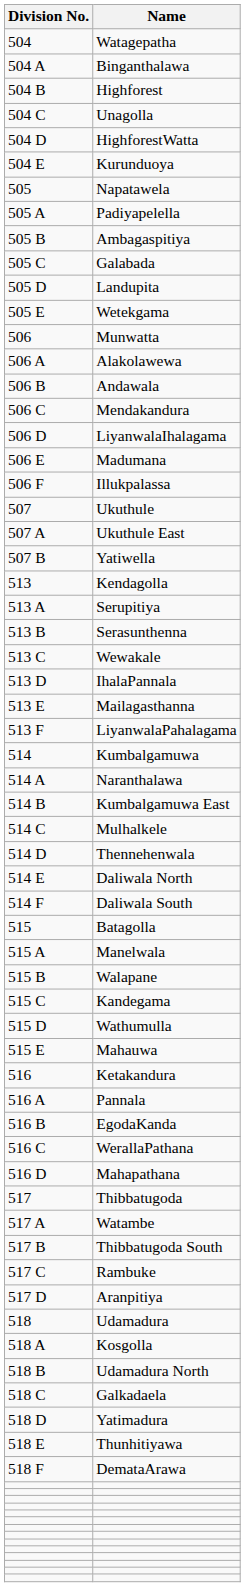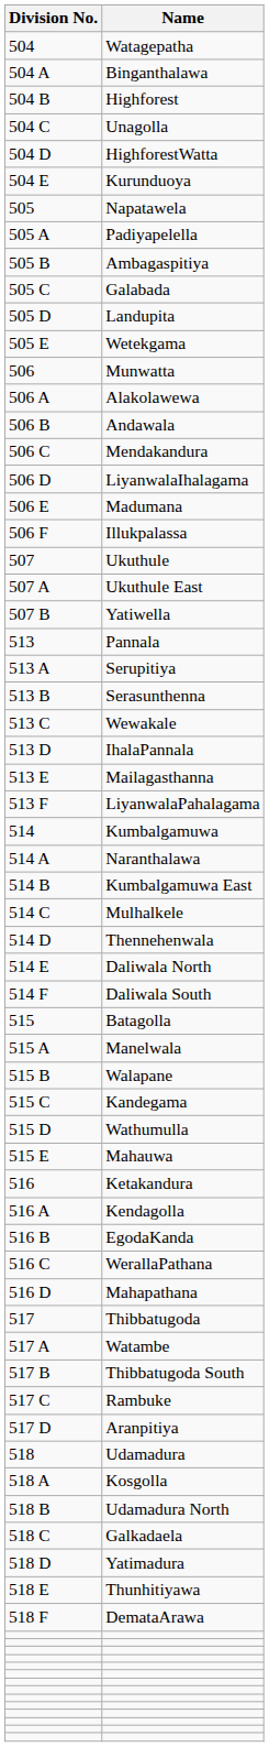 <table class="wikitable">
 <tr>
 <th>Division No.</th>
 <th>Name</th>
 </tr>
 <tr>
 <td>504</td>
 <td>Watagepatha</td>
 </tr>
 <tr>
 <td>504 A</td>
 <td>Binganthalawa</td>
 </tr>
 <tr>
 <td>504 B</td>
 <td>Highforest</td>
 </tr>
 <tr>
 <td>504 C</td>
 <td>Unagolla</td>
 </tr>
 <tr>
 <td>504 D</td>
 <td>HighforestWatta</td>
 </tr>
 <tr>
 <td>504 E</td>
 <td>Kurunduoya</td>
 </tr>
 <tr>
 <td>505</td>
 <td>Napatawela</td>
 </tr>
 <tr>
 <td>505 A</td>
 <td>Padiyapelella</td>
 </tr>
 <tr>
 <td>505 B</td>
 <td>Ambagaspitiya</td>
 </tr>
 <tr>
 <td>505 C</td>
 <td>Galabada</td>
 </tr>
 <tr>
 <td>505 D</td>
 <td>Landupita</td>
 </tr>
 <tr>
 <td>505 E</td>
 <td>Wetekgama</td>
 </tr>
 <tr>
 <td>506</td>
 <td>Munwatta</td>
 </tr>
 <tr>
 <td>506 A</td>
 <td>Alakolawewa</td>
 </tr>
 <tr>
 <td>506 B</td>
 <td>Andawala</td>
 </tr>
 <tr>
 <td>506 C</td>
 <td>Mendakandura</td>
 </tr>
 <tr>
 <td>506 D</td>
 <td>LiyanwalaIhalagama</td>
 </tr>
 <tr>
 <td>506 E</td>
 <td>Madumana</td>
 </tr>
 <tr>
 <td>506 F</td>
 <td>Illukpalassa</td>
 </tr>
 <tr>
 <td>507</td>
 <td>Ukuthule</td>
 </tr>
 <tr>
 <td>507 A</td>
 <td>Ukuthule East</td>
 </tr>
 <tr>
 <td>507 B</td>
 <td>Yatiwella</td>
 </tr>
 <tr>
 <td>513</td>
-<td>Kendagolla</td>
+<td>Pannala</td>
 </tr>
 <tr>
 <td>513 A</td>
 <td>Serupitiya</td>
 </tr>
 <tr>
 <td>513 B</td>
 <td>Serasunthenna</td>
 </tr>
 <tr>
 <td>513 C</td>
 <td>Wewakale</td>
 </tr>
 <tr>
 <td>513 D</td>
 <td>IhalaPannala</td>
 </tr>
 <tr>
 <td>513 E</td>
 <td>Mailagasthanna</td>
 </tr>
 <tr>
 <td>513 F</td>
 <td>LiyanwalaPahalagama</td>
 </tr>
 <tr>
 <td>514</td>
 <td>Kumbalgamuwa</td>
 </tr>
 <tr>
 <td>514 A</td>
 <td>Naranthalawa</td>
 </tr>
 <tr>
 <td>514 B</td>
 <td>Kumbalgamuwa East</td>
 </tr>
 <tr>
 <td>514 C</td>
 <td>Mulhalkele</td>
 </tr>
 <tr>
 <td>514 D</td>
 <td>Thennehenwala</td>
 </tr>
 <tr>
 <td>514 E</td>
 <td>Daliwala North</td>
 </tr>
 <tr>
 <td>514 F</td>
 <td>Daliwala South</td>
 </tr>
 <tr>
 <td>515</td>
 <td>Batagolla</td>
 </tr>
 <tr>
 <td>515 A</td>
 <td>Manelwala</td>
 </tr>
 <tr>
 <td>515 B</td>
 <td>Walapane</td>
 </tr>
 <tr>
 <td>515 C</td>
 <td>Kandegama</td>
 </tr>
 <tr>
 <td>515 D</td>
 <td>Wathumulla</td>
 </tr>
 <tr>
 <td>515 E</td>
 <td>Mahauwa</td>
 </tr>
 <tr>
 <td>516</td>
 <td>Ketakandura</td>
 </tr>
 <tr>
 <td>516 A</td>
-<td>Pannala</td>
+<td>Kendagolla</td>
 </tr>
 <tr>
 <td>516 B</td>
 <td>EgodaKanda</td>
 </tr>
 <tr>
 <td>516 C</td>
 <td>WerallaPathana</td>
 </tr>
 <tr>
 <td>516 D</td>
 <td>Mahapathana</td>
 </tr>
 <tr>
 <td>517</td>
 <td>Thibbatugoda</td>
 </tr>
 <tr>
 <td>517 A</td>
 <td>Watambe</td>
 </tr>
 <tr>
 <td>517 B</td>
 <td>Thibbatugoda South</td>
 </tr>
 <tr>
 <td>517 C</td>
 <td>Rambuke</td>
 </tr>
 <tr>
 <td>517 D</td>
 <td>Aranpitiya</td>
 </tr>
 <tr>
 <td>518</td>
 <td>Udamadura</td>
 </tr>
 <tr>
 <td>518 A</td>
 <td>Kosgolla</td>
 </tr>
 <tr>
 <td>518 B</td>
 <td>Udamadura North</td>
 </tr>
 <tr>
 <td>518 C</td>
 <td>Galkadaela</td>
 </tr>
 <tr>
 <td>518 D</td>
 <td>Yatimadura</td>
 </tr>
 <tr>
 <td>518 E</td>
 <td>Thunhitiyawa</td>
 </tr>
 <tr>
 <td>518 F</td>
 <td>DemataArawa</td>
 </tr>
 <tr>
 <td></td>
 <td></td>
 </tr>
 <tr>
 <td></td>
 <td></td>
 </tr>
 <tr>
 <td></td>
 <td></td>
 </tr>
 <tr>
 <td></td>
 <td></td>
 </tr>
 <tr>
 <td></td>
 <td></td>
 </tr>
 <tr>
 <td></td>
 <td></td>
 </tr>
 <tr>
 <td></td>
 <td></td>
 </tr>
 <tr>
 <td></td>
 <td></td>
 </tr>
 <tr>
 <td></td>
 <td></td>
 </tr>
 <tr>
 <td></td>
 <td></td>
 </tr>
 <tr>
 <td></td>
 <td></td>
 </tr>
 <tr>
 <td></td>
 <td></td>
 </tr>
 <tr>
 <td></td>
 <td></td>
 </tr>
 <tr>
 <td></td>
 <td></td>
 </tr>
 </table>
